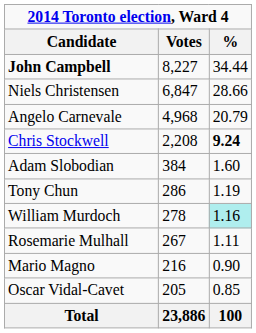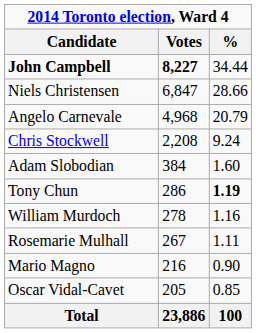 <table class="wikitable">
 <tr>
 <td Colspan="3" align="center"><strong><a href='#'>2014 Toronto election</a>, Ward 4</strong></td>
 </tr>
 <tr>
 <th bgcolor="#DDDDFF" width="150px">Candidate</th>
 <th bgcolor="#DDDDFF">Votes</th>
 <th bgcolor="#DDDDFF">%</th>
 </tr>
 <tr>
 <td><strong>John Campbell</strong></td>
-<td>8,227</td>
+<td><strong>8,227</strong></td>
 <td>34.44</td>
 </tr>
 <tr>
 <td>Niels Christensen</td>
 <td>6,847</td>
 <td>28.66</td>
 </tr>
 <tr>
 <td>Angelo Carnevale</td>
 <td>4,968</td>
 <td>20.79</td>
 </tr>
 <tr>
 <td><a href='#'>Chris Stockwell</a></td>
 <td>2,208</td>
-<td><strong>9.24</strong></td>
+<td>9.24</td>
 </tr>
 <tr>
 <td>Adam Slobodian</td>
 <td>384</td>
 <td>1.60</td>
 </tr>
 <tr>
 <td>Tony Chun</td>
 <td>286</td>
-<td>1.19</td>
+<td><strong>1.19</strong></td>
 </tr>
 <tr>
 <td>William Murdoch</td>
 <td>278</td>
-<td style="background: paleturquoise;">1.16</td>
+<td>1.16</td>
 </tr>
 <tr>
 <td>Rosemarie Mulhall</td>
 <td>267</td>
 <td>1.11</td>
 </tr>
 <tr>
 <td>Mario Magno</td>
 <td>216</td>
 <td>0.90</td>
 </tr>
 <tr>
 <td>Oscar Vidal-Cavet</td>
 <td>205</td>
 <td>0.85</td>
 </tr>
 <tr>
 <th>Total</th>
 <th align=right>23,886</th>
 <th align=right>100</th>
 </tr>
 </table>
